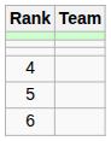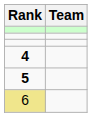 <table class="wikitable" style="text-align: center;">
 <tr>
 <th width=40>Rank</th>
 <th>Team</th>
 </tr>
 <tr align=center bgcolor=ccffcc>
 <td></td>
 <td style="text-align:left;"></td>
 </tr>
 <tr align=center>
 <td></td>
 <td style="text-align:left;"></td>
 </tr>
 <tr align=center>
 <td></td>
 <td style="text-align:left;"></td>
 </tr>
 <tr align=center>
-<td>4</td>
+<td><strong>4</strong></td>
 <td style="text-align:left;"></td>
 </tr>
 <tr align=center>
-<td>5</td>
+<td><strong>5</strong></td>
 <td style="text-align:left;"></td>
 </tr>
 <tr align=center>
-<td>6</td>
+<td style="background: khaki;">6</td>
 <td style="text-align:left;"></td>
 </tr>
 </table>
